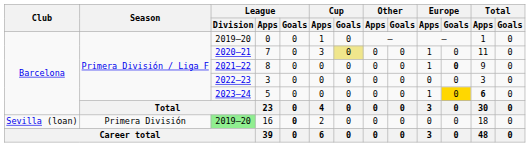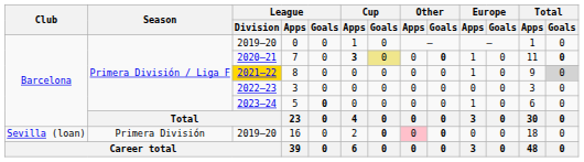 <table class="wikitable" style="text-align: center">
 <tr>
 <th rowspan="2">Club</th>
 <th rowspan="2">Season</th>
 <th colspan="3">League</th>
 <th colspan="2">Cup</th>
 <th colspan="2">Other</th>
 <th colspan="2">Europe</th>
 <th colspan="2">Total</th>
 </tr>
 <tr>
 <th>Division</th>
 <th>Apps</th>
 <th>Goals</th>
 <th>Apps</th>
 <th>Goals</th>
 <th>Apps</th>
 <th>Goals</th>
 <th>Apps</th>
 <th>Goals</th>
 <th>Apps</th>
 <th>Goals</th>
 </tr>
 <tr>
 <td rowspan="6"><a href='#'>Barcelona</a></td>
 <td rowspan="5" valign="center"><a href='#'>Primera División / Liga F</a></td>
 <td>2019–20</td>
 <td>0</td>
 <td>0</td>
 <td>1</td>
 <td>0</td>
 <td colspan=2>—</td>
 <td colspan=2>—</td>
 <td>1</td>
 <td>0</td>
 </tr>
 <tr>
 <td><a href='#'>2020–21</a></td>
 <td>7</td>
 <td>0</td>
-<td>3</td>
+<td><strong>3</strong></td>
 <td style="background: khaki;">0</td>
 <td>0</td>
-<td>0</td>
+<td><strong>0</strong></td>
 <td>1</td>
 <td>0</td>
 <td>11</td>
-<td>0</td>
+<td><strong>0</strong></td>
 </tr>
 <tr>
-<td><a href='#'>2021–22</a></td>
+<td style="background: gold;"><a href='#'>2021–22</a></td>
 <td>8</td>
 <td>0</td>
 <td>0</td>
 <td>0</td>
 <td>0</td>
 <td>0</td>
 <td>1</td>
-<td><strong>0</strong></td>
+<td>0</td>
 <td>9</td>
-<td>0</td>
+<td style="background: lightgrey;">0</td>
 </tr>
 <tr>
 <td><a href='#'>2022–23</a></td>
 <td>3</td>
 <td>0</td>
 <td>0</td>
 <td>0</td>
 <td>0</td>
 <td>0</td>
 <td>0</td>
 <td>0</td>
 <td>3</td>
 <td>0</td>
 </tr>
 <tr>
 <td><a href='#'>2023–24</a></td>
 <td>5</td>
-<td>0</td>
+<td><strong>0</strong></td>
 <td>0</td>
 <td>0</td>
 <td>0</td>
 <td>0</td>
 <td>1</td>
-<td style="background: gold;">0</td>
-<td><strong>6</strong></td>
+<td>0</td>
+<td>6</td>
 <td>0</td>
 </tr>
 <tr>
 <th colspan="2">Total</th>
 <th>23</th>
 <th>0</th>
 <th>4</th>
 <th>0</th>
 <th>0</th>
 <th>0</th>
 <th>3</th>
 <th>0</th>
 <th>30</th>
 <th>0</th>
 </tr>
 <tr>
 <td><a href='#'>Sevilla</a> (loan)</td>
 <td>Primera División</td>
-<td style="background: lightgreen;">2019–20</td>
+<td>2019–20</td>
 <td>16</td>
+<td>0</td>
+<td>2</td>
 <td><strong>0</strong></td>
-<td>2</td>
-<td>0</td>
-<td>0</td>
-<td>0</td>
+<td style="background: pink;">0</td>
+<td><strong>0</strong></td>
 <td>0</td>
 <td>0</td>
 <td>18</td>
 <td>0</td>
 </tr>
 <tr>
 <th colspan="3">Career total</th>
 <th>39</th>
 <th>0</th>
 <th>6</th>
 <th>0</th>
 <th>0</th>
 <th>0</th>
 <th>3</th>
 <th>0</th>
 <th>48</th>
 <th>0</th>
 </tr>
 </table>
